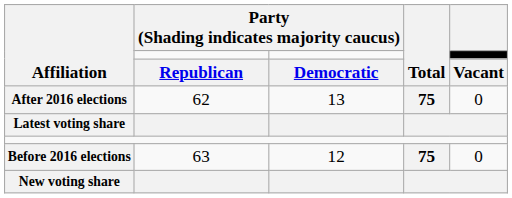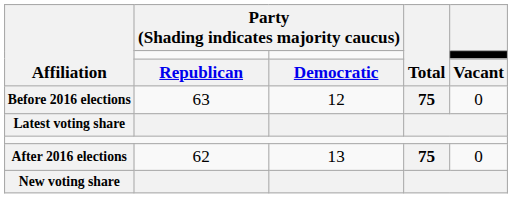 <table class=wikitable style="text-align:center">
 <tr style="vertical-align:bottom;">
 <th rowspan=3>Affiliation</th>
 <th colspan=2>Party <div>(Shading indicates majority caucus)</div></th>
 <th rowspan=3>Total</th>
 <th></th>
 </tr>
 <tr style="height:5px">
 <td style="background-color:"></td>
 <td style="background-color:"></td>
 <td style="background-color:black"></td>
 </tr>
 <tr>
 <th><a href='#'>Republican</a></th>
 <th><a href='#'>Democratic</a></th>
 <th>Vacant</th>
 </tr>
 <tr>
-<th nowrap style="font-size:80%">After 2016 elections</th>
-<td>62</td>
-<td>13</td>
+<th nowrap style="font-size:80%">Before 2016 elections</th>
+<td>63</td>
+<td>12</td>
 <th>75</th>
 <td>0</td>
 </tr>
 <tr>
 <th nowrap style="font-size:80%">Latest voting share</th>
 <th></th>
 <th></th>
 <th colspan=2></th>
 </tr>
 <tr>
 <td colspan=5></td>
 </tr>
 <tr>
-<th nowrap style="font-size:80%">Before 2016 elections</th>
-<td>63</td>
-<td>12</td>
+<th nowrap style="font-size:80%">After 2016 elections</th>
+<td>62</td>
+<td>13</td>
 <th>75</th>
 <td>0</td>
 </tr>
 <tr>
 <th nowrap style="font-size:80%">New voting share</th>
 <th></th>
 <th></th>
 <th colspan=2></th>
 </tr>
 </table>
